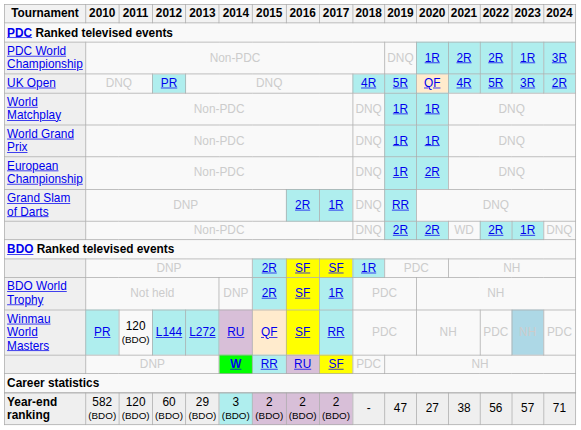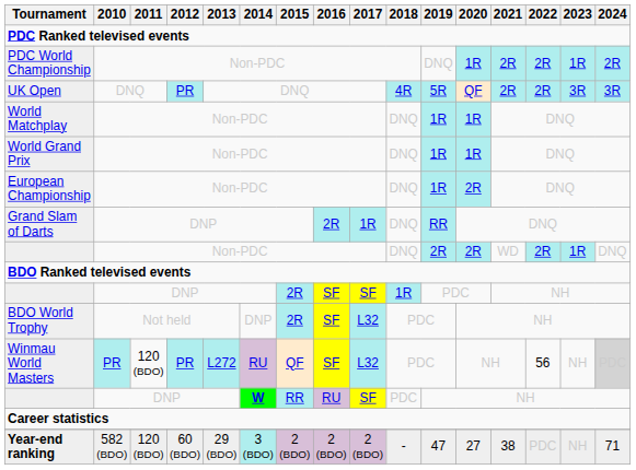 <table class="wikitable" style="width:50%; margin:0">
 <tr>
 <th>Tournament</th>
 <th>2010</th>
 <th>2011</th>
 <th>2012</th>
 <th>2013</th>
 <th>2014</th>
 <th>2015</th>
 <th>2016</th>
 <th>2017</th>
 <th>2018</th>
 <th>2019</th>
 <th>2020</th>
 <th>2021</th>
 <th>2022</th>
 <th>2023</th>
 <th>2024</th>
 </tr>
 <tr>
 <td colspan="31" align="left"><strong><a href='#'>PDC</a> Ranked televised events</strong></td>
 </tr>
 <tr>
 <td style="background:#efefef;"><a href='#'>PDC World Championship</a></td>
 <td colspan="9" style="text-align:center; color:#ccc;">Non-PDC</td>
 <td colspan="1" style="text-align:center; color:#ccc;">DNQ</td>
 <td style="text-align:center; background:#afeeee;"><a href='#'>1R</a></td>
 <td style="text-align:center; background:#afeeee;"><a href='#'>2R</a></td>
 <td style="text-align:center; background:#afeeee;"><a href='#'>2R</a></td>
 <td style="text-align:center; background:#afeeee;"><a href='#'>1R</a></td>
-<td style="text-align:center; background:#afeeee;"><a href='#'>3R</a></td>
+<td style="text-align:center; background:#afeeee;"><a href='#'>2R</a></td>
 </tr>
 <tr>
 <td style="background:#efefef;"><a href='#'>UK Open</a></td>
 <td colspan="2" style="text-align:center; color:#ccc;">DNQ</td>
 <td style="text-align:center; background:#afeeee;"><a href='#'>PR</a></td>
 <td colspan="5" style="text-align:center; color:#ccc;">DNQ</td>
 <td style="text-align:center; background:#afeeee;"><a href='#'>4R</a></td>
 <td style="text-align:center; background:#afeeee;"><a href='#'>5R</a></td>
 <td style="text-align:center; background:#ffebcd;"><a href='#'>QF</a></td>
-<td style="text-align:center; background:#afeeee;"><a href='#'>4R</a></td>
-<td style="text-align:center; background:#afeeee;"><a href='#'>5R</a></td>
+<td style="text-align:center; background:#afeeee;"><a href='#'>2R</a></td>
+<td style="text-align:center; background:#afeeee;"><a href='#'>2R</a></td>
 <td style="text-align:center; background:#afeeee;"><a href='#'>3R</a></td>
-<td style="text-align:center; background:#afeeee;"><a href='#'>2R</a></td>
+<td style="text-align:center; background:#afeeee;"><a href='#'>3R</a></td>
 </tr>
 <tr>
 <td style="background:#efefef;"><a href='#'>World Matchplay</a></td>
 <td colspan="8" style="text-align:center; color:#ccc;">Non-PDC</td>
 <td style="text-align:center; color:#ccc;">DNQ</td>
 <td style="text-align:center; background:#afeeee;"><a href='#'>1R</a></td>
 <td style="text-align:center; background:#afeeee;"><a href='#'>1R</a></td>
 <td colspan="4"; style="text-align:center; color:#ccc;">DNQ</td>
 </tr>
 <tr>
 <td style="background:#efefef;"><a href='#'>World Grand Prix</a></td>
 <td colspan="8" style="text-align:center; color:#ccc;">Non-PDC</td>
 <td style="text-align:center; color:#ccc;">DNQ</td>
 <td style="text-align:center; background:#afeeee;"><a href='#'>1R</a></td>
 <td style="text-align:center; background:#afeeee;"><a href='#'>1R</a></td>
 <td colspan="4"; style="text-align:center; color:#ccc;">DNQ</td>
 </tr>
 <tr>
 <td style="background:#efefef;"><a href='#'>European Championship</a></td>
 <td colspan="8" style="text-align:center; color:#ccc;">Non-PDC</td>
 <td style="text-align:center; color:#ccc;">DNQ</td>
 <td style="text-align:center; background:#afeeee;"><a href='#'>1R</a></td>
 <td style="text-align:center; background:#afeeee;"><a href='#'>2R</a></td>
 <td colspan="4"; style="text-align:center; color:#ccc;">DNQ</td>
 </tr>
 <tr>
 <td style="background:#efefef;"><a href='#'>Grand Slam of Darts</a></td>
 <td colspan="6" style="text-align:center; color:#ccc;">DNP</td>
 <td style="text-align:center; background:#afeeee;"><a href='#'>2R</a></td>
 <td style="text-align:center; background:#afeeee;"><a href='#'>1R</a></td>
 <td colspan="1" style="text-align:center; color:#ccc;">DNQ</td>
 <td style="text-align:center; background:#afeeee;"><a href='#'>RR</a></td>
 <td colspan="5" style="text-align:center; color:#ccc;">DNQ</td>
 </tr>
 <tr>
 <td style="background:#efefef;"></td>
 <td colspan="8" style="text-align:center; color:#ccc;">Non-PDC</td>
 <td style="text-align:center; color:#ccc;">DNQ</td>
 <td style="text-align:center; background:#afeeee;"><a href='#'>2R</a></td>
 <td style="text-align:center; background:#afeeee;"><a href='#'>2R</a></td>
 <td style="text-align:center; color:#ccc;">WD</td>
 <td style="text-align:center; background:#afeeee;"><a href='#'>2R</a></td>
 <td style="text-align:center; background:#afeeee;"><a href='#'>1R</a></td>
 <td style="text-align:center; color:#ccc;">DNQ</td>
 </tr>
 <tr>
 <td colspan="31" align="left"><strong><a href='#'>BDO</a> Ranked televised events</strong></td>
 </tr>
 <tr>
 <td style="background:#efefef;"></td>
 <td colspan="5" style="text-align:center; color:#ccc;">DNP</td>
 <td style="text-align:center; background:#afeeee;"><a href='#'>2R</a></td>
 <td style="text-align:center; background:yellow;"><a href='#'>SF</a></td>
 <td style="text-align:center; background:yellow;"><a href='#'>SF</a></td>
 <td style="text-align:center; background:#afeeee;"><a href='#'>1R</a></td>
 <td colspan="2" style="text-align:center; color:#ccc;">PDC</td>
 <td colspan="4" style="text-align:center; color:#ccc;">NH</td>
 </tr>
 <tr>
 <td style="background:#efefef;"><a href='#'>BDO World Trophy</a></td>
 <td colspan="4" style="text-align:center; color:#ccc;">Not held</td>
 <td colspan="1" style="text-align:center; color:#ccc;">DNP</td>
 <td style="text-align:center; background:#afeeee;"><a href='#'>2R</a></td>
 <td style="text-align:center; background:yellow;"><a href='#'>SF</a></td>
-<td style="text-align:center; background:#afeeee;"><a href='#'>1R</a></td>
+<td style="text-align:center; background:#afeeee;"><a href='#'>L32</a></td>
 <td colspan="2" style="text-align:center; color:#ccc;">PDC</td>
 <td colspan="5" style="text-align:center; color:#ccc;">NH</td>
 </tr>
 <tr>
 <td style="background:#efefef;"><a href='#'>Winmau World Masters</a></td>
 <td style="text-align:center; background:#afeeee;"><a href='#'>PR</a></td>
 <td style="text-align:center;">120 <small>(BDO)</small></td>
-<td style="text-align:center; background:#afeeee;"><a href='#'>L144</a></td>
+<td style="text-align:center; background:#afeeee;"><a href='#'>PR</a></td>
 <td style="text-align:center; background:#afeeee;"><a href='#'>L272</a></td>
 <td style="text-align:center; background:thistle;"><a href='#'>RU</a></td>
 <td style="text-align:center; background:#ffebcd;"><a href='#'>QF</a></td>
 <td style="text-align:center; background:yellow;"><a href='#'>SF</a></td>
-<td style="text-align:center; background:#afeeee;"><a href='#'>RR</a></td>
+<td style="text-align:center; background:#afeeee;"><a href='#'>L32</a></td>
 <td colspan="2" style="text-align:center; color:#ccc;">PDC</td>
 <td colspan="2" style="text-align:center; color:#ccc;">NH</td>
-<td style="text-align:center; color:#ccc;">PDC</td>
-<td style="background: lightblue; text-align:center; color:#ccc;">NH</td>
-<td colspan="1" style="text-align:center; color:#ccc;">PDC</td>
+<td style="text-align:center;">56</td>
+<td style="text-align:center; color:#ccc;">NH</td>
+<td colspan="1" style="background: lightgrey; text-align:center; color:#ccc;">PDC</td>
 </tr>
 <tr>
 <td style="background:#efefef;"></td>
 <td colspan="4" style="text-align:center; color:#ccc;">DNP</td>
 <td style="text-align:center; background:lime;"><strong><a href='#'>W</a></strong></td>
 <td style="text-align:center; background:#afeeee;"><a href='#'>RR</a></td>
 <td style="text-align:center; background:thistle;"><a href='#'>RU</a></td>
 <td style="text-align:center; background:yellow;"><a href='#'>SF</a></td>
 <td colspan="1" style="text-align:center; color:#ccc;">PDC</td>
 <td colspan="6" style="text-align:center; color:#ccc;">NH</td>
 </tr>
 <tr>
 <td colspan="16" align="left"><strong>Career statistics</strong></td>
 </tr>
 <tr>
 </tr>
 <tr bgcolor="efefef">
 <td align="left"><strong>Year-end ranking</strong></td>
 <td style="text-align:center;">582 <small>(BDO)</small></td>
 <td style="text-align:center;">120 <small>(BDO)</small></td>
 <td style="text-align:center;">60 <small>(BDO)</small></td>
 <td style="text-align:center;">29 <small>(BDO)</small></td>
 <td style="text-align:center; background:#afeeee;">3 <small>(BDO)</small></td>
 <td style="text-align:center;background:thistle;">2 <small>(BDO)</small></td>
 <td style="text-align:center; background:thistle;">2 <small>(BDO)</small></td>
 <td style="text-align:center; background:thistle;">2 <small>(BDO)</small></td>
 <td style="text-align:center;">-</td>
 <td style="text-align:center;">47</td>
 <td style="text-align:center;">27</td>
 <td style="text-align:center;">38</td>
-<td style="text-align:center;">56</td>
-<td style="text-align:center;">57</td>
+<td style="text-align:center; color:#ccc;">PDC</td>
+<td style="text-align:center; color:#ccc;">NH</td>
 <td style="text-align:center;">71</td>
 </tr>
 </table>
